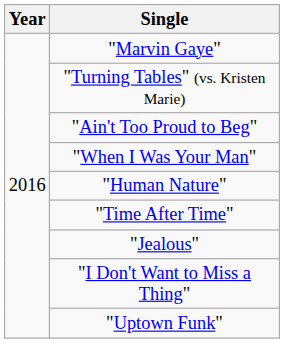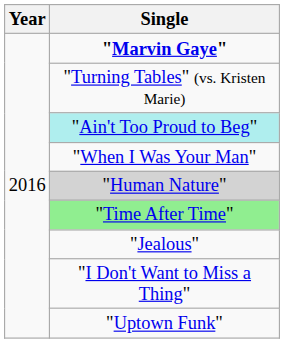 <table class="wikitable plainrowheaders" style="text-align:center;">
 <tr>
 <th>Year</th>
 <th style="width:12em;">Single</th>
 </tr>
 <tr>
 <td rowspan="9">2016</td>
-<td>"<a href='#'>Marvin Gaye</a>"</td>
+<td><strong>"<a href='#'>Marvin Gaye</a>"</strong></td>
 </tr>
 <tr>
 <td>"<a href='#'>Turning Tables</a>" <small>(vs. Kristen Marie)</small></td>
 </tr>
 <tr>
-<td>"<a href='#'>Ain't Too Proud to Beg</a>"</td>
+<td style="background: paleturquoise;">"<a href='#'>Ain't Too Proud to Beg</a>"</td>
 </tr>
 <tr>
 <td>"<a href='#'>When I Was Your Man</a>"</td>
 </tr>
 <tr>
-<td>"<a href='#'>Human Nature</a>"</td>
+<td style="background: lightgrey;">"<a href='#'>Human Nature</a>"</td>
 </tr>
 <tr>
-<td>"<a href='#'>Time After Time</a>"</td>
+<td style="background: lightgreen;">"<a href='#'>Time After Time</a>"</td>
 </tr>
 <tr>
 <td>"<a href='#'>Jealous</a>"</td>
 </tr>
 <tr>
 <td>"<a href='#'>I Don't Want to Miss a Thing</a>"</td>
 </tr>
 <tr>
 <td>"<a href='#'>Uptown Funk</a>"</td>
 </tr>
 </table>
